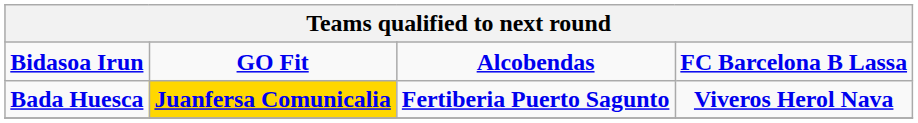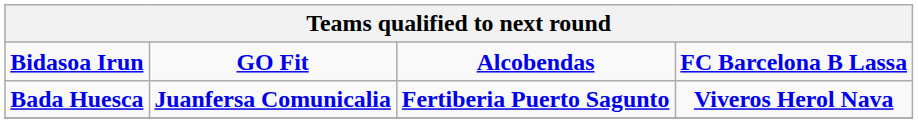 <table class="wikitable" style="text-align: center; margin: 0 auto;">
 <tr>
 <th colspan="4">Teams qualified to next round</th>
 </tr>
 <tr>
 <td><strong><a href='#'>Bidasoa Irun</a></strong></td>
 <td><strong><a href='#'>GO Fit</a></strong></td>
 <td><strong><a href='#'>Alcobendas</a></strong></td>
 <td><strong><a href='#'>FC Barcelona B Lassa</a></strong></td>
 </tr>
 <tr>
 <td><strong><a href='#'>Bada Huesca</a></strong></td>
-<td style="background: gold;"><strong><a href='#'>Juanfersa Comunicalia</a></strong></td>
+<td><strong><a href='#'>Juanfersa Comunicalia</a></strong></td>
 <td><strong><a href='#'>Fertiberia Puerto Sagunto</a></strong></td>
 <td><strong><a href='#'>Viveros Herol Nava</a></strong></td>
 </tr>
 <tr>
 </tr>
 </table>
